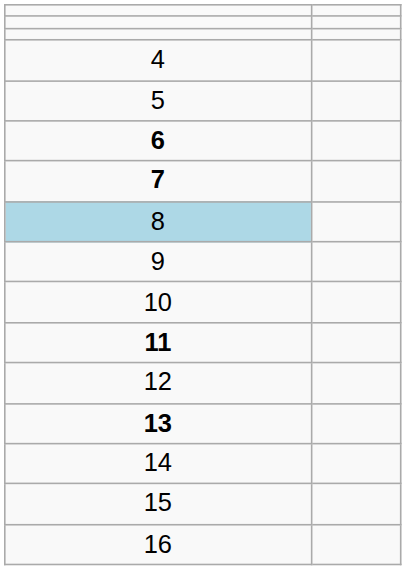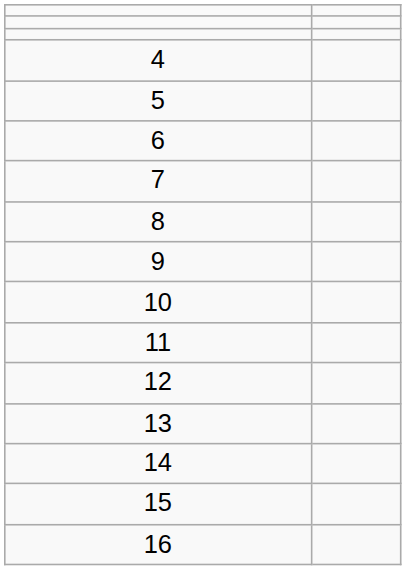 <table class="wikitable" width="250px">
 <tr>
 <td align=center></td>
 <td></td>
 </tr>
 <tr>
 <td align=center></td>
 <td></td>
 </tr>
 <tr>
 <td align=center></td>
 <td></td>
 </tr>
 <tr>
 <td align=center>4</td>
 <td></td>
 </tr>
 <tr>
 <td align=center>5</td>
 <td></td>
 </tr>
 <tr>
-<td align=center><strong>6</strong></td>
+<td align=center>6</td>
 <td></td>
 </tr>
 <tr>
-<td align=center><strong>7</strong></td>
+<td align=center>7</td>
 <td></td>
 </tr>
 <tr>
-<td align=center style="background: lightblue;">8</td>
+<td align=center>8</td>
 <td></td>
 </tr>
 <tr>
 <td align=center>9</td>
 <td></td>
 </tr>
 <tr>
 <td align=center>10</td>
 <td></td>
 </tr>
 <tr>
-<td align=center><strong>11</strong></td>
+<td align=center>11</td>
 <td></td>
 </tr>
 <tr>
 <td align=center>12</td>
 <td></td>
 </tr>
 <tr>
-<td align=center><strong>13</strong></td>
+<td align=center>13</td>
 <td></td>
 </tr>
 <tr>
 <td align=center>14</td>
 <td></td>
 </tr>
 <tr>
 <td align=center>15</td>
 <td></td>
 </tr>
 <tr>
 <td align=center>16</td>
 <td></td>
 </tr>
 </table>
